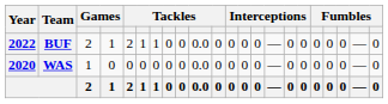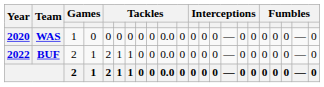 <table class="wikitable" style="text-align: center;">
 <tr>
 <th rowspan="2">Year</th>
 <th rowspan="2">Team</th>
 <th colspan="2">Games</th>
 <th colspan="7">Tackles</th>
 <th colspan="6">Interceptions</th>
 <th colspan="5">Fumbles</th>
 </tr>
 <tr>
 <th></th>
 <th></th>
 <th></th>
 <th></th>
 <th></th>
 <th></th>
 <th></th>
 <th></th>
 <th></th>
 <th></th>
 <th></th>
 <th></th>
 <th></th>
 <th></th>
 <th></th>
 <th></th>
 <th></th>
 <th></th>
 <th></th>
 <th></th>
 </tr>
 <tr>
-<th><a href='#'>2022</a></th>
-<th><a href='#'>BUF</a></th>
-<td>2</td>
+<th><a href='#'>2020</a></th>
+<th><a href='#'>WAS</a></th>
 <td>1</td>
-<td>2</td>
-<td>1</td>
-<td>1</td>
+<td>0</td>
+<td>0</td>
+<td>0</td>
+<td>0</td>
 <td>0</td>
 <td>0</td>
 <td>0.0</td>
 <td>0</td>
 <td>0</td>
 <td>0</td>
 <td>0</td>
 <td>—</td>
 <td>0</td>
 <td>0</td>
 <td>0</td>
 <td>0</td>
 <td>0</td>
 <td>—</td>
 <td>0</td>
 </tr>
 <tr>
-<th><a href='#'>2020</a></th>
-<th><a href='#'>WAS</a></th>
+<th><a href='#'>2022</a></th>
+<th><a href='#'>BUF</a></th>
+<td>2</td>
 <td>1</td>
-<td>0</td>
-<td>0</td>
-<td>0</td>
-<td>0</td>
+<td>2</td>
+<td>1</td>
+<td>1</td>
 <td>0</td>
 <td>0</td>
 <td>0.0</td>
 <td>0</td>
 <td>0</td>
 <td>0</td>
 <td>0</td>
 <td>—</td>
 <td>0</td>
 <td>0</td>
 <td>0</td>
 <td>0</td>
 <td>0</td>
 <td>—</td>
 <td>0</td>
 </tr>
 <tr>
 <th colspan="2"></th>
 <th>2</th>
 <th>1</th>
 <th>2</th>
 <th>1</th>
 <th>1</th>
 <th>0</th>
 <th>0</th>
 <th>0.0</th>
 <th>0</th>
 <th>0</th>
 <th>0</th>
 <th>0</th>
 <th>—</th>
 <th>0</th>
 <th>0</th>
 <th>0</th>
 <th>0</th>
 <th>0</th>
 <th>—</th>
 <th>0</th>
 </tr>
 </table>
